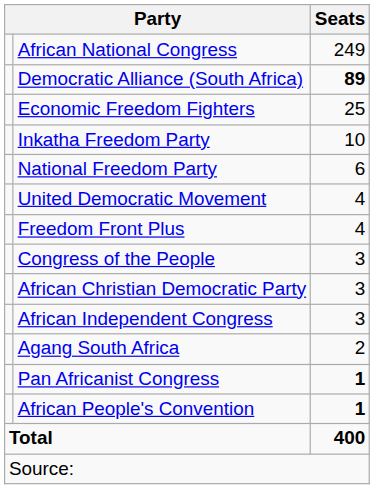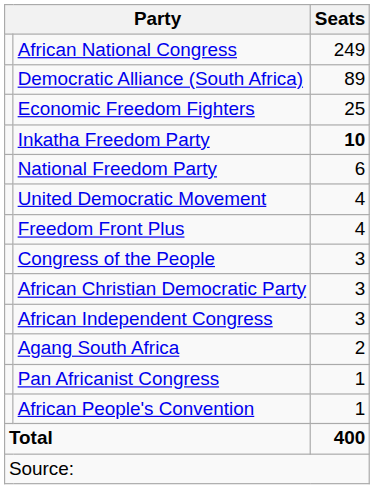 <table class=wikitable style=text-align:right>
 <tr>
 <th colspan=2>Party</th>
 <th>Seats</th>
 </tr>
 <tr>
 <td bgcolor=></td>
 <td align=left><a href='#'>African National Congress</a></td>
 <td>249</td>
 </tr>
 <tr>
 <td bgcolor=></td>
 <td align=left><a href='#'>Democratic Alliance (South Africa)</a></td>
-<td><strong>89</strong></td>
+<td>89</td>
 </tr>
 <tr>
 <td bgcolor=></td>
 <td align=left><a href='#'>Economic Freedom Fighters</a></td>
 <td>25</td>
 </tr>
 <tr>
 <td bgcolor=></td>
 <td align=left><a href='#'>Inkatha Freedom Party</a></td>
-<td>10</td>
+<td><strong>10</strong></td>
 </tr>
 <tr>
 <td bgcolor=></td>
 <td align=left><a href='#'>National Freedom Party</a></td>
 <td>6</td>
 </tr>
 <tr>
 <td bgcolor=></td>
 <td align=left><a href='#'>United Democratic Movement</a></td>
 <td>4</td>
 </tr>
 <tr>
 <td bgcolor=></td>
 <td align=left><a href='#'>Freedom Front Plus</a></td>
 <td>4</td>
 </tr>
 <tr>
 <td bgcolor=></td>
 <td align=left><a href='#'>Congress of the People</a></td>
 <td>3</td>
 </tr>
 <tr>
 <td bgcolor=></td>
 <td align=left><a href='#'>African Christian Democratic Party</a></td>
 <td>3</td>
 </tr>
 <tr>
 <td bgcolor=></td>
 <td align=left><a href='#'>African Independent Congress</a></td>
 <td>3</td>
 </tr>
 <tr>
 <td bgcolor=></td>
 <td align=left><a href='#'>Agang South Africa</a></td>
 <td>2</td>
 </tr>
 <tr>
 <td bgcolor=></td>
 <td align=left><a href='#'>Pan Africanist Congress</a></td>
-<td><strong>1</strong></td>
+<td>1</td>
 </tr>
 <tr>
 <td bgcolor=></td>
 <td align=left><a href='#'>African People's Convention</a></td>
-<td><strong>1</strong></td>
+<td>1</td>
 </tr>
 <tr>
 <td colspan=2 align=left><strong>Total</strong></td>
 <td><strong>400</strong></td>
 </tr>
 <tr>
 <td colspan=3 align=left>Source:</td>
 </tr>
 </table>
